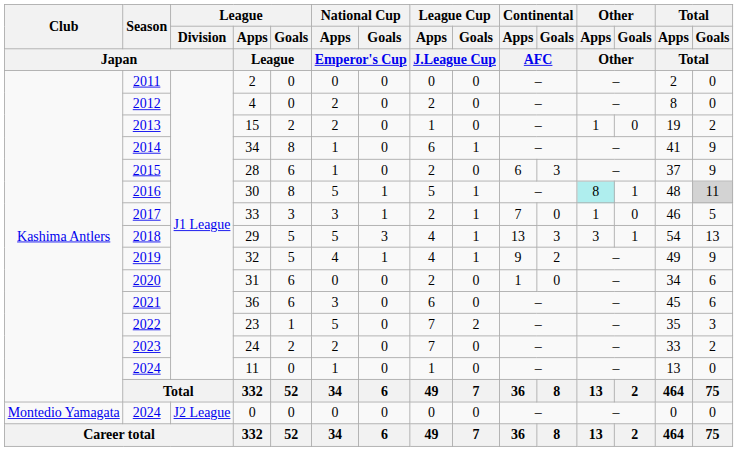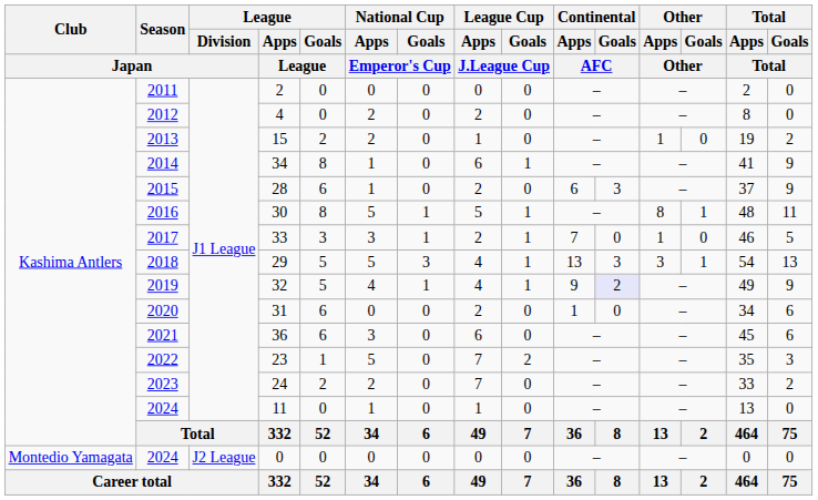 <table class="wikitable" style="text-align:center;">
 <tr>
 <th rowspan=2>Club</th>
 <th rowspan=2>Season</th>
 <th colspan=3>League</th>
 <th colspan=2>National Cup</th>
 <th colspan=2>League Cup</th>
 <th colspan=2>Continental</th>
 <th colspan=2>Other</th>
 <th colspan=2>Total</th>
 </tr>
 <tr>
 <th>Division</th>
 <th>Apps</th>
 <th>Goals</th>
 <th>Apps</th>
 <th>Goals</th>
 <th>Apps</th>
 <th>Goals</th>
 <th>Apps</th>
 <th>Goals</th>
 <th>Apps</th>
 <th>Goals</th>
 <th>Apps</th>
 <th>Goals</th>
 </tr>
 <tr>
 <th colspan=3>Japan</th>
 <th colspan=2>League</th>
 <th colspan=2><a href='#'>Emperor's Cup</a></th>
 <th colspan=2><a href='#'>J.League Cup</a></th>
 <th colspan=2><a href='#'>AFC</a></th>
 <th colspan=2>Other</th>
 <th colspan=2>Total</th>
 </tr>
 <tr>
 <td rowspan="15"><a href='#'>Kashima Antlers</a></td>
 <td><a href='#'>2011</a></td>
 <td rowspan="14"><a href='#'>J1 League</a></td>
 <td>2</td>
 <td>0</td>
 <td>0</td>
 <td>0</td>
 <td>0</td>
 <td>0</td>
 <td colspan="2">–</td>
 <td colspan="2">–</td>
 <td>2</td>
 <td>0</td>
 </tr>
 <tr>
 <td><a href='#'>2012</a></td>
 <td>4</td>
 <td>0</td>
 <td>2</td>
 <td>0</td>
 <td>2</td>
 <td>0</td>
 <td colspan="2">–</td>
 <td colspan="2">–</td>
 <td>8</td>
 <td>0</td>
 </tr>
 <tr>
 <td><a href='#'>2013</a></td>
 <td>15</td>
 <td>2</td>
 <td>2</td>
 <td>0</td>
 <td>1</td>
 <td>0</td>
 <td colspan="2">–</td>
 <td>1</td>
 <td>0</td>
 <td>19</td>
 <td>2</td>
 </tr>
 <tr>
 <td><a href='#'>2014</a></td>
 <td>34</td>
 <td>8</td>
 <td>1</td>
 <td>0</td>
 <td>6</td>
 <td>1</td>
 <td colspan="2">–</td>
 <td colspan="2">–</td>
 <td>41</td>
 <td>9</td>
 </tr>
 <tr>
 <td><a href='#'>2015</a></td>
 <td>28</td>
 <td>6</td>
 <td>1</td>
 <td>0</td>
 <td>2</td>
 <td>0</td>
 <td>6</td>
 <td>3</td>
 <td colspan="2">–</td>
 <td>37</td>
 <td>9</td>
 </tr>
 <tr>
 <td><a href='#'>2016</a></td>
 <td>30</td>
 <td>8</td>
 <td>5</td>
 <td>1</td>
 <td>5</td>
 <td>1</td>
 <td colspan="2">–</td>
-<td style="background: paleturquoise;">8</td>
+<td>8</td>
 <td>1</td>
 <td>48</td>
-<td style="background: lightgrey;">11</td>
+<td>11</td>
 </tr>
 <tr>
 <td><a href='#'>2017</a></td>
 <td>33</td>
 <td>3</td>
 <td>3</td>
 <td>1</td>
 <td>2</td>
 <td>1</td>
 <td>7</td>
 <td>0</td>
 <td>1</td>
 <td>0</td>
 <td>46</td>
 <td>5</td>
 </tr>
 <tr>
 <td><a href='#'>2018</a></td>
 <td>29</td>
 <td>5</td>
 <td>5</td>
 <td>3</td>
 <td>4</td>
 <td>1</td>
 <td>13</td>
 <td>3</td>
 <td>3</td>
 <td>1</td>
 <td>54</td>
 <td>13</td>
 </tr>
 <tr>
 <td><a href='#'>2019</a></td>
 <td>32</td>
 <td>5</td>
 <td>4</td>
 <td>1</td>
 <td>4</td>
 <td>1</td>
 <td>9</td>
-<td>2</td>
+<td style="background: lavender;">2</td>
 <td colspan=2>–</td>
 <td>49</td>
 <td>9</td>
 </tr>
 <tr>
 <td><a href='#'>2020</a></td>
 <td>31</td>
 <td>6</td>
 <td>0</td>
 <td>0</td>
 <td>2</td>
 <td>0</td>
 <td>1</td>
 <td>0</td>
 <td colspan=2>–</td>
 <td>34</td>
 <td>6</td>
 </tr>
 <tr>
 <td><a href='#'>2021</a></td>
 <td>36</td>
 <td>6</td>
 <td>3</td>
 <td>0</td>
 <td>6</td>
 <td>0</td>
 <td colspan=2>–</td>
 <td colspan=2>–</td>
 <td>45</td>
 <td>6</td>
 </tr>
 <tr>
 <td><a href='#'>2022</a></td>
 <td>23</td>
 <td>1</td>
 <td>5</td>
 <td>0</td>
 <td>7</td>
 <td>2</td>
 <td colspan=2>–</td>
 <td colspan=2>–</td>
 <td>35</td>
 <td>3</td>
 </tr>
 <tr>
 <td><a href='#'>2023</a></td>
 <td>24</td>
 <td>2</td>
 <td>2</td>
 <td>0</td>
 <td>7</td>
 <td>0</td>
 <td colspan=2>–</td>
 <td colspan=2>–</td>
 <td>33</td>
 <td>2</td>
 </tr>
 <tr>
 <td><a href='#'>2024</a></td>
 <td>11</td>
 <td>0</td>
 <td>1</td>
 <td>0</td>
 <td>1</td>
 <td>0</td>
 <td colspan=2>–</td>
 <td colspan=2>–</td>
 <td>13</td>
 <td>0</td>
 </tr>
 <tr>
 <th colspan="2">Total</th>
 <th>332</th>
 <th>52</th>
 <th>34</th>
 <th>6</th>
 <th>49</th>
 <th>7</th>
 <th>36</th>
 <th>8</th>
 <th>13</th>
 <th>2</th>
 <th>464</th>
 <th>75</th>
 </tr>
 <tr>
 <td><a href='#'>Montedio Yamagata</a></td>
 <td><a href='#'>2024</a></td>
 <td><a href='#'>J2 League</a></td>
 <td>0</td>
 <td>0</td>
 <td>0</td>
 <td>0</td>
 <td>0</td>
 <td>0</td>
 <td colspan="2">–</td>
 <td colspan="2">–</td>
 <td>0</td>
 <td>0</td>
 </tr>
 <tr>
 <th colspan="3">Career total</th>
 <th>332</th>
 <th>52</th>
 <th>34</th>
 <th>6</th>
 <th>49</th>
 <th>7</th>
 <th>36</th>
 <th>8</th>
 <th>13</th>
 <th>2</th>
 <th>464</th>
 <th>75</th>
 </tr>
 </table>
